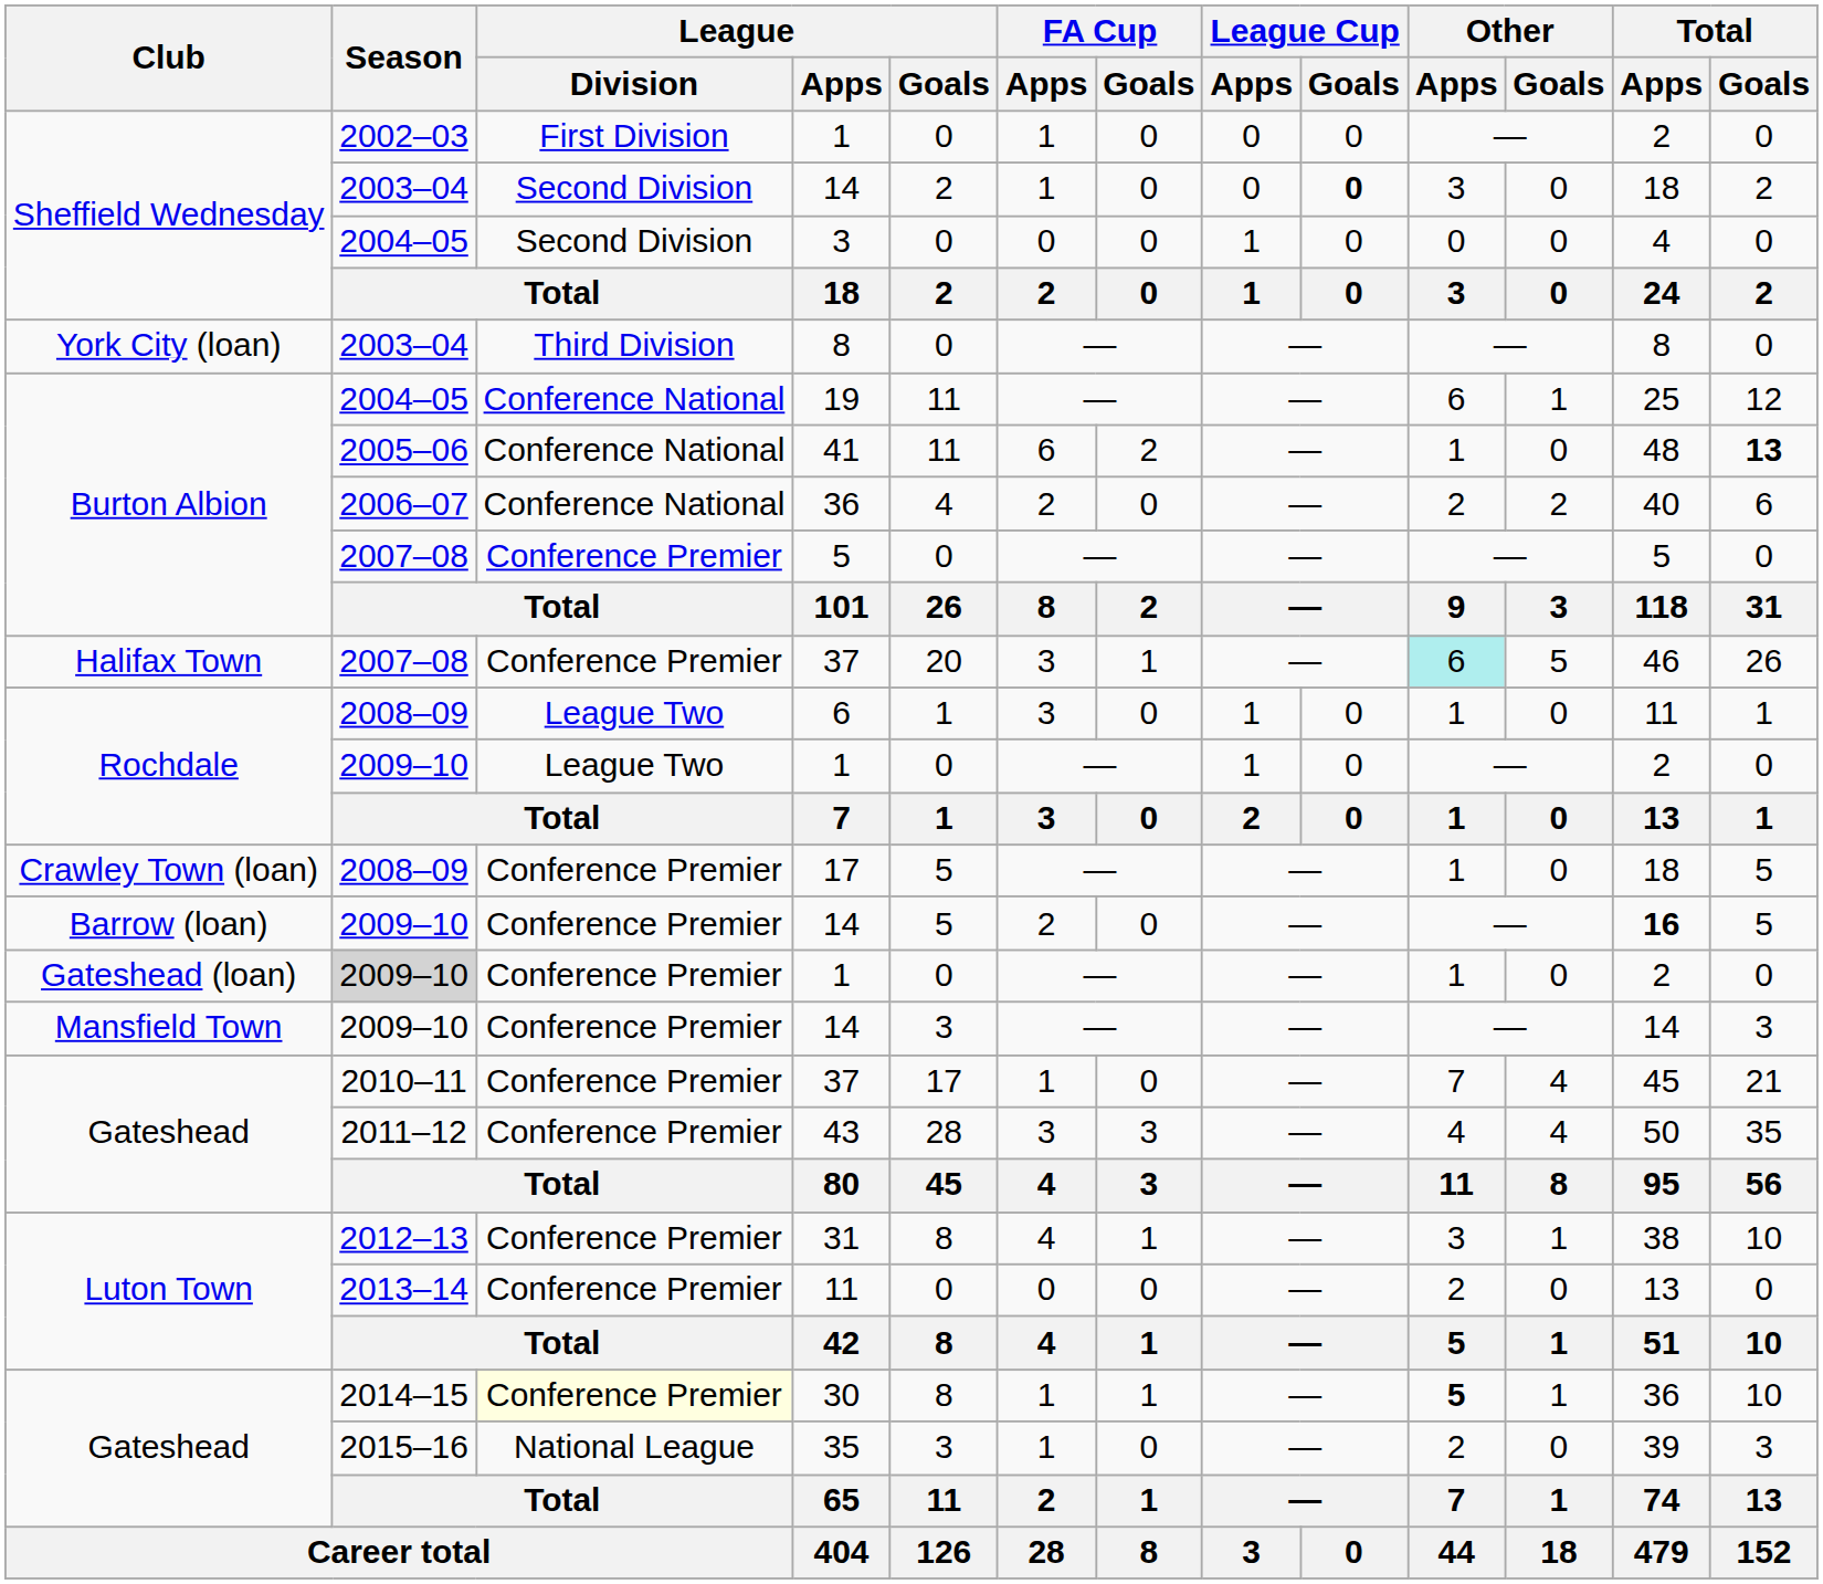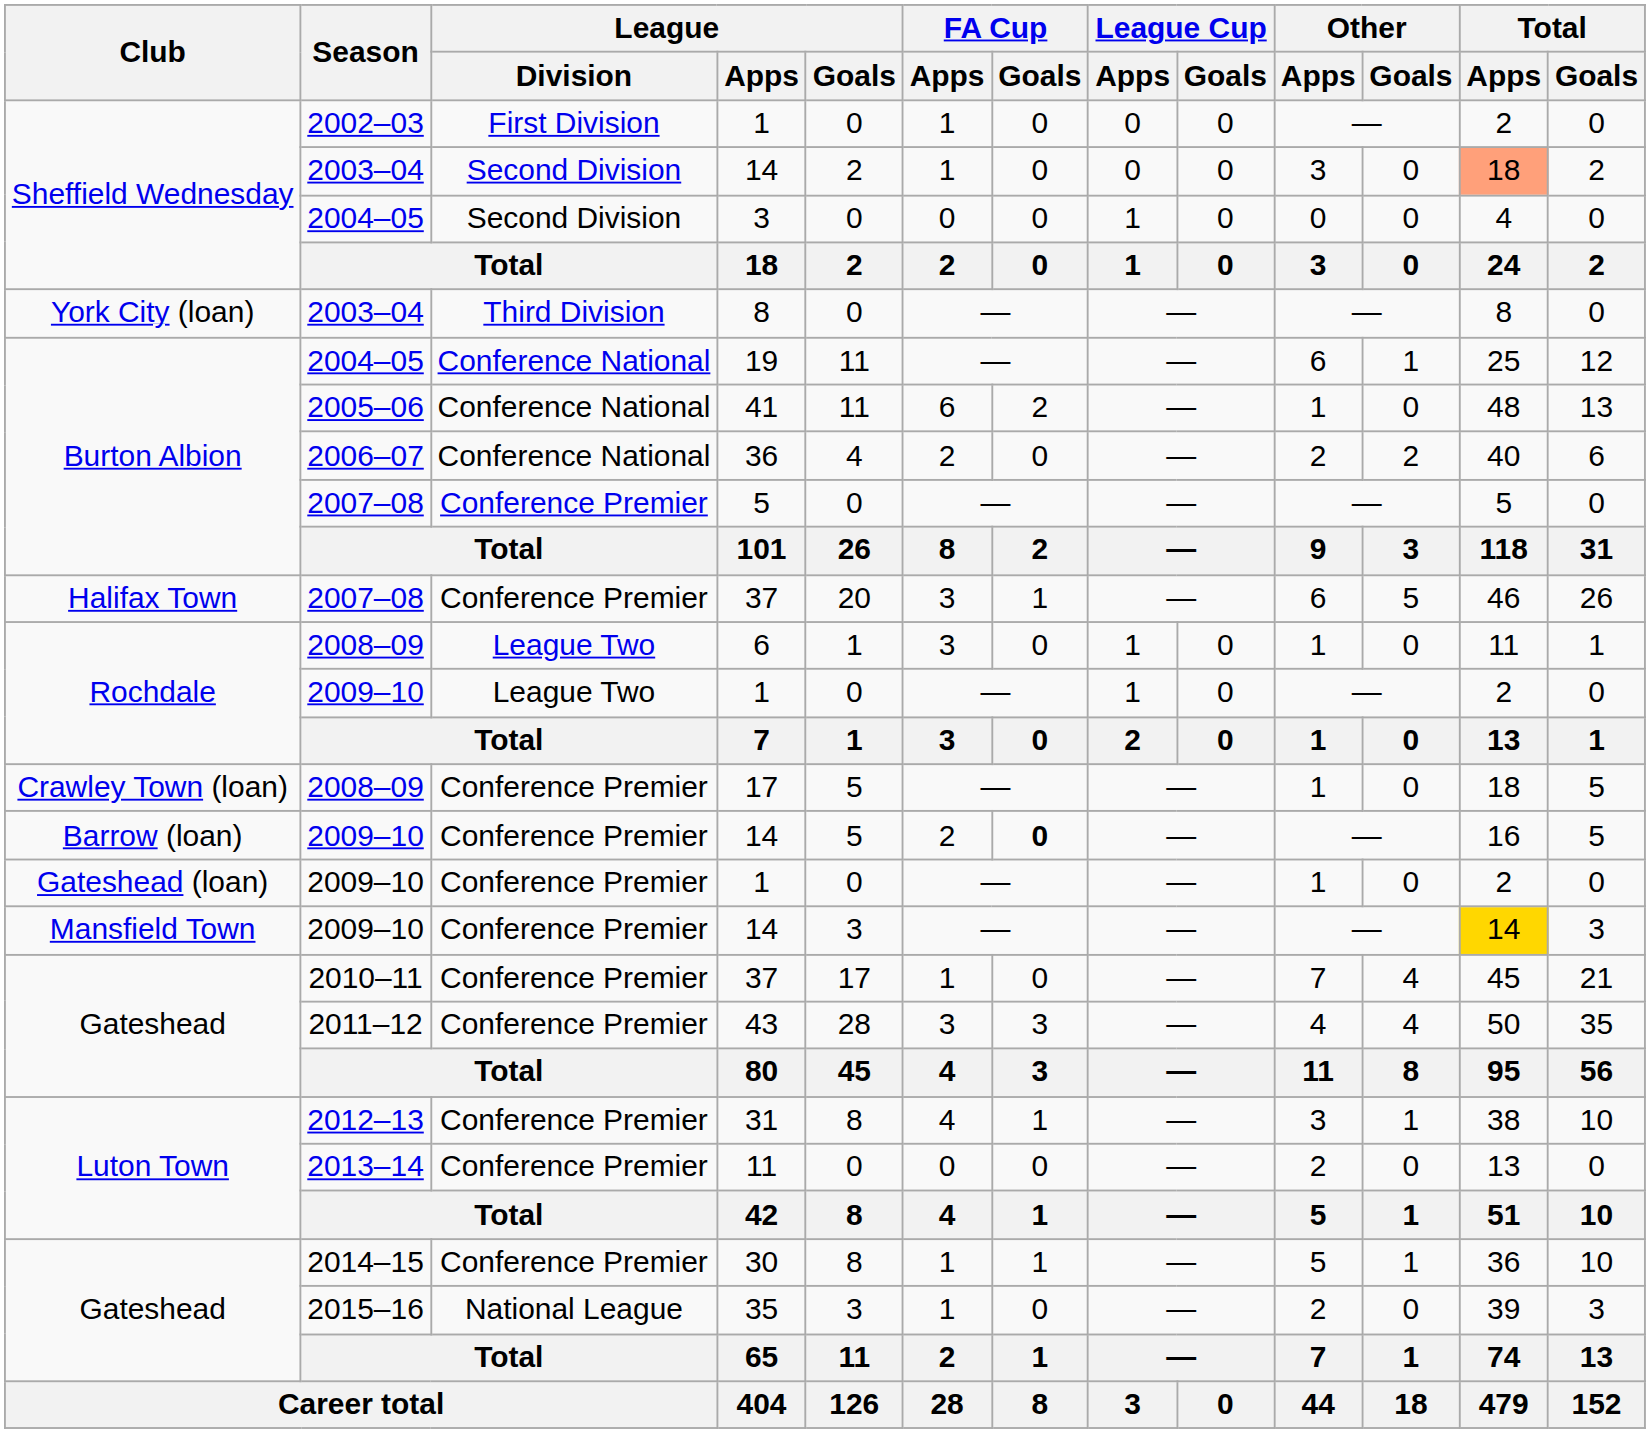 <table class=wikitable style="text-align: center;">
 <tr>
 <th rowspan=2>Club</th>
 <th rowspan=2>Season</th>
 <th colspan=3>League</th>
 <th colspan=2><a href='#'>FA Cup</a></th>
 <th colspan=2><a href='#'>League Cup</a></th>
 <th colspan=2>Other</th>
 <th colspan=2>Total</th>
 </tr>
 <tr>
 <th>Division</th>
 <th>Apps</th>
 <th>Goals</th>
 <th>Apps</th>
 <th>Goals</th>
 <th>Apps</th>
 <th>Goals</th>
 <th>Apps</th>
 <th>Goals</th>
 <th>Apps</th>
 <th>Goals</th>
 </tr>
 <tr>
 <td rowspan=4><a href='#'>Sheffield Wednesday</a></td>
 <td><a href='#'>2002–03</a></td>
 <td><a href='#'>First Division</a></td>
 <td>1</td>
 <td>0</td>
 <td>1</td>
 <td>0</td>
 <td>0</td>
 <td>0</td>
 <td colspan=2>—</td>
 <td>2</td>
 <td>0</td>
 </tr>
 <tr>
 <td><a href='#'>2003–04</a></td>
 <td><a href='#'>Second Division</a></td>
 <td>14</td>
 <td>2</td>
 <td>1</td>
 <td>0</td>
 <td>0</td>
-<td><strong>0</strong></td>
+<td>0</td>
 <td>3</td>
 <td>0</td>
-<td>18</td>
+<td style="background: lightsalmon;">18</td>
 <td>2</td>
 </tr>
 <tr>
 <td><a href='#'>2004–05</a></td>
 <td>Second Division</td>
 <td>3</td>
 <td>0</td>
 <td>0</td>
 <td>0</td>
 <td>1</td>
 <td>0</td>
 <td>0</td>
 <td>0</td>
 <td>4</td>
 <td>0</td>
 </tr>
 <tr>
 <th colspan=2>Total</th>
 <th>18</th>
 <th>2</th>
 <th>2</th>
 <th>0</th>
 <th>1</th>
 <th>0</th>
 <th>3</th>
 <th>0</th>
 <th>24</th>
 <th>2</th>
 </tr>
 <tr>
 <td><a href='#'>York City</a> (loan)</td>
 <td><a href='#'>2003–04</a></td>
 <td><a href='#'>Third Division</a></td>
 <td>8</td>
 <td>0</td>
 <td colspan=2>—</td>
 <td colspan=2>—</td>
 <td colspan=2>—</td>
 <td>8</td>
 <td>0</td>
 </tr>
 <tr>
 <td rowspan=5><a href='#'>Burton Albion</a></td>
 <td><a href='#'>2004–05</a></td>
 <td><a href='#'>Conference National</a></td>
 <td>19</td>
 <td>11</td>
 <td colspan=2>—</td>
 <td colspan=2>—</td>
 <td>6</td>
 <td>1</td>
 <td>25</td>
 <td>12</td>
 </tr>
 <tr>
 <td><a href='#'>2005–06</a></td>
 <td>Conference National</td>
 <td>41</td>
 <td>11</td>
 <td>6</td>
 <td>2</td>
 <td colspan=2>—</td>
 <td>1</td>
 <td>0</td>
 <td>48</td>
-<td><strong>13</strong></td>
+<td>13</td>
 </tr>
 <tr>
 <td><a href='#'>2006–07</a></td>
 <td>Conference National</td>
 <td>36</td>
 <td>4</td>
 <td>2</td>
 <td>0</td>
 <td colspan=2>—</td>
 <td>2</td>
 <td>2</td>
 <td>40</td>
 <td>6</td>
 </tr>
 <tr>
 <td><a href='#'>2007–08</a></td>
 <td><a href='#'>Conference Premier</a></td>
 <td>5</td>
 <td>0</td>
 <td colspan=2>—</td>
 <td colspan=2>—</td>
 <td colspan=2>—</td>
 <td>5</td>
 <td>0</td>
 </tr>
 <tr>
 <th colspan=2>Total</th>
 <th>101</th>
 <th>26</th>
 <th>8</th>
 <th>2</th>
 <th colspan=2>—</th>
 <th>9</th>
 <th>3</th>
 <th>118</th>
 <th>31</th>
 </tr>
 <tr>
 <td><a href='#'>Halifax Town</a></td>
 <td><a href='#'>2007–08</a></td>
 <td>Conference Premier</td>
 <td>37</td>
 <td>20</td>
 <td>3</td>
 <td>1</td>
 <td colspan=2>—</td>
-<td style="background: paleturquoise;">6</td>
+<td>6</td>
 <td>5</td>
 <td>46</td>
 <td>26</td>
 </tr>
 <tr>
 <td rowspan=3><a href='#'>Rochdale</a></td>
 <td><a href='#'>2008–09</a></td>
 <td><a href='#'>League Two</a></td>
 <td>6</td>
 <td>1</td>
 <td>3</td>
 <td>0</td>
 <td>1</td>
 <td>0</td>
 <td>1</td>
 <td>0</td>
 <td>11</td>
 <td>1</td>
 </tr>
 <tr>
 <td><a href='#'>2009–10</a></td>
 <td>League Two</td>
 <td>1</td>
 <td>0</td>
 <td colspan=2>—</td>
 <td>1</td>
 <td>0</td>
 <td colspan=2>—</td>
 <td>2</td>
 <td>0</td>
 </tr>
 <tr>
 <th colspan=2>Total</th>
 <th>7</th>
 <th>1</th>
 <th>3</th>
 <th>0</th>
 <th>2</th>
 <th>0</th>
 <th>1</th>
 <th>0</th>
 <th>13</th>
 <th>1</th>
 </tr>
 <tr>
 <td><a href='#'>Crawley Town</a> (loan)</td>
 <td><a href='#'>2008–09</a></td>
 <td>Conference Premier</td>
 <td>17</td>
 <td>5</td>
 <td colspan=2>—</td>
 <td colspan=2>—</td>
 <td>1</td>
 <td>0</td>
 <td>18</td>
 <td>5</td>
 </tr>
 <tr>
 <td><a href='#'>Barrow</a> (loan)</td>
 <td><a href='#'>2009–10</a></td>
 <td>Conference Premier</td>
 <td>14</td>
 <td>5</td>
 <td>2</td>
-<td>0</td>
+<td><strong>0</strong></td>
 <td colspan=2>—</td>
 <td colspan=2>—</td>
-<td><strong>16</strong></td>
+<td>16</td>
 <td>5</td>
 </tr>
 <tr>
 <td><a href='#'>Gateshead</a> (loan)</td>
-<td style="background: lightgrey;">2009–10</td>
+<td>2009–10</td>
 <td>Conference Premier</td>
 <td>1</td>
 <td>0</td>
 <td colspan=2>—</td>
 <td colspan=2>—</td>
 <td>1</td>
 <td>0</td>
 <td>2</td>
 <td>0</td>
 </tr>
 <tr>
 <td><a href='#'>Mansfield Town</a></td>
 <td>2009–10</td>
 <td>Conference Premier</td>
 <td>14</td>
 <td>3</td>
 <td colspan=2>—</td>
 <td colspan=2>—</td>
 <td colspan=2>—</td>
-<td>14</td>
+<td style="background: gold;">14</td>
 <td>3</td>
 </tr>
 <tr>
 <td rowspan=3>Gateshead</td>
 <td>2010–11</td>
 <td>Conference Premier</td>
 <td>37</td>
 <td>17</td>
 <td>1</td>
 <td>0</td>
 <td colspan=2>—</td>
 <td>7</td>
 <td>4</td>
 <td>45</td>
 <td>21</td>
 </tr>
 <tr>
 <td>2011–12</td>
 <td>Conference Premier</td>
 <td>43</td>
 <td>28</td>
 <td>3</td>
 <td>3</td>
 <td colspan=2>—</td>
 <td>4</td>
 <td>4</td>
 <td>50</td>
 <td>35</td>
 </tr>
 <tr>
 <th colspan=2>Total</th>
 <th>80</th>
 <th>45</th>
 <th>4</th>
 <th>3</th>
 <th colspan=2>—</th>
 <th>11</th>
 <th>8</th>
 <th>95</th>
 <th>56</th>
 </tr>
 <tr>
 <td rowspan=3><a href='#'>Luton Town</a></td>
 <td><a href='#'>2012–13</a></td>
 <td>Conference Premier</td>
 <td>31</td>
 <td>8</td>
 <td>4</td>
 <td>1</td>
 <td colspan=2>—</td>
 <td>3</td>
 <td>1</td>
 <td>38</td>
 <td>10</td>
 </tr>
 <tr>
 <td><a href='#'>2013–14</a></td>
 <td>Conference Premier</td>
 <td>11</td>
 <td>0</td>
 <td>0</td>
 <td>0</td>
 <td colspan=2>—</td>
 <td>2</td>
 <td>0</td>
 <td>13</td>
 <td>0</td>
 </tr>
 <tr>
 <th colspan=2>Total</th>
 <th>42</th>
 <th>8</th>
 <th>4</th>
 <th>1</th>
 <th colspan=2>—</th>
 <th>5</th>
 <th>1</th>
 <th>51</th>
 <th>10</th>
 </tr>
 <tr>
 <td rowspan=3>Gateshead</td>
 <td>2014–15</td>
-<td style="background: lightyellow;">Conference Premier</td>
+<td>Conference Premier</td>
 <td>30</td>
 <td>8</td>
 <td>1</td>
 <td>1</td>
 <td colspan=2>—</td>
-<td><strong>5</strong></td>
+<td>5</td>
 <td>1</td>
 <td>36</td>
 <td>10</td>
 </tr>
 <tr>
 <td>2015–16</td>
 <td>National League</td>
 <td>35</td>
 <td>3</td>
 <td>1</td>
 <td>0</td>
 <td colspan=2>—</td>
 <td>2</td>
 <td>0</td>
 <td>39</td>
 <td>3</td>
 </tr>
 <tr>
 <th colspan=2>Total</th>
 <th>65</th>
 <th>11</th>
 <th>2</th>
 <th>1</th>
 <th colspan=2>—</th>
 <th>7</th>
 <th>1</th>
 <th>74</th>
 <th>13</th>
 </tr>
 <tr>
 <th colspan=3>Career total</th>
 <th>404</th>
 <th>126</th>
 <th>28</th>
 <th>8</th>
 <th>3</th>
 <th>0</th>
 <th>44</th>
 <th>18</th>
 <th>479</th>
 <th>152</th>
 </tr>
 </table>
